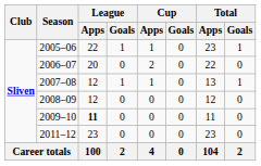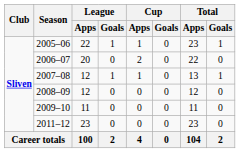 <table class="wikitable" style="font-size:90%; text-align: center;">
 <tr>
 <th rowspan="2">Club</th>
 <th rowspan="2">Season</th>
 <th colspan="2">League</th>
 <th colspan="2">Cup</th>
 <th colspan="2">Total</th>
 </tr>
 <tr>
 <th>Apps</th>
 <th>Goals</th>
 <th>Apps</th>
 <th>Goals</th>
 <th>Apps</th>
 <th>Goals</th>
 </tr>
 <tr>
 <td rowspan="6" valign="center"><strong><a href='#'>Sliven</a></strong></td>
 <td>2005–06</td>
 <td>22</td>
 <td>1</td>
 <td>1</td>
 <td>0</td>
 <td>23</td>
 <td>1</td>
 </tr>
 <tr>
 <td>2006–07</td>
 <td>20</td>
 <td>0</td>
 <td>2</td>
 <td>0</td>
 <td>22</td>
 <td>0</td>
 </tr>
 <tr>
 <td>2007–08</td>
 <td>12</td>
 <td>1</td>
 <td>1</td>
 <td>0</td>
 <td>13</td>
 <td>1</td>
 </tr>
 <tr>
 <td>2008–09</td>
 <td>12</td>
 <td>0</td>
 <td>0</td>
 <td>0</td>
 <td>12</td>
 <td>0</td>
 </tr>
 <tr>
 <td>2009–10</td>
-<td><strong>11</strong></td>
+<td>11</td>
 <td>0</td>
 <td>0</td>
 <td>0</td>
 <td>11</td>
 <td>0</td>
 </tr>
 <tr>
 <td>2011–12</td>
 <td>23</td>
 <td>0</td>
 <td>0</td>
 <td>0</td>
 <td>23</td>
 <td>0</td>
 </tr>
 <tr>
 <th colspan="2">Career totals</th>
 <th>100</th>
 <th>2</th>
 <th>4</th>
 <th>0</th>
 <th>104</th>
 <th>2</th>
 </tr>
 </table>
